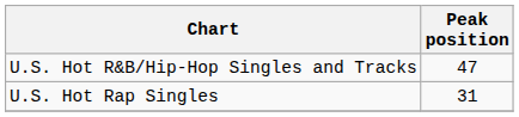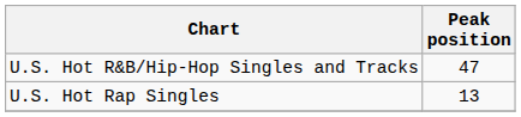 <table class="wikitable">
 <tr>
 <th>Chart</th>
 <th>Peak<br>position</th>
 </tr>
 <tr>
 <td>U.S. Hot R&B/Hip-Hop Singles and Tracks</td>
 <td align="center">47</td>
 </tr>
 <tr>
 <td>U.S. Hot Rap Singles</td>
-<td align="center">31</td>
+<td align="center">13</td>
 </tr>
 <tr>
 </tr>
 </table>
